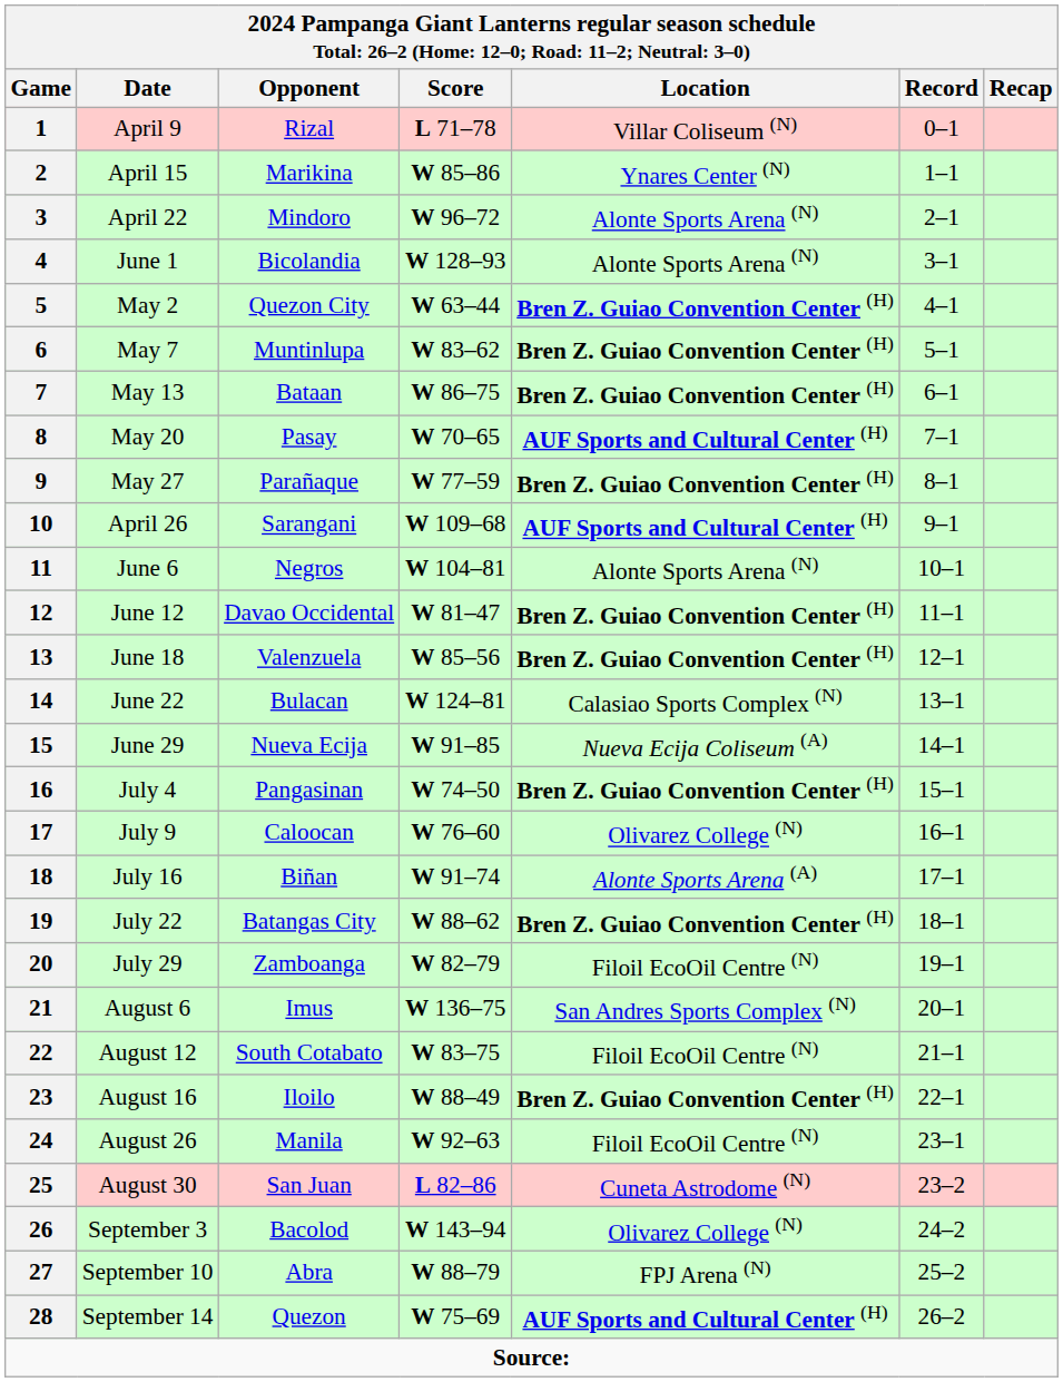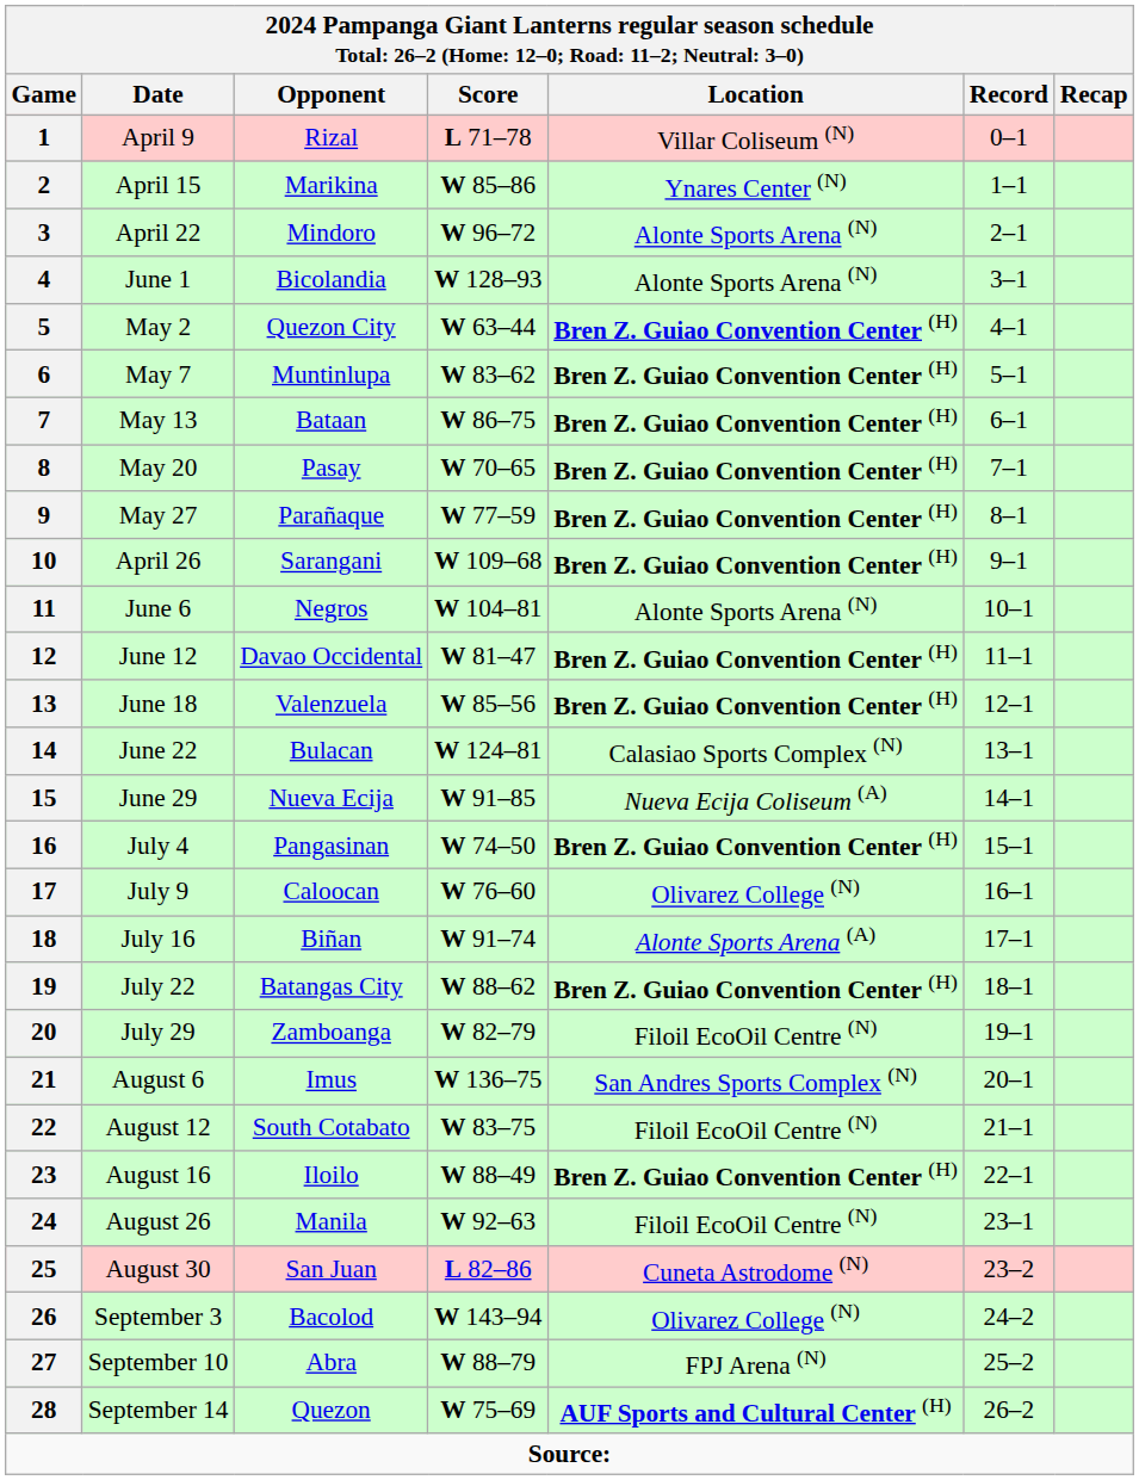 <table class="wikitable" style="text-align:center">
 <tr>
 <th colspan=7>2024 Pampanga Giant Lanterns regular season schedule <br> <small> Total: 26–2 (Home: 12–0; Road: 11–2; Neutral: 3–0) </small></th>
 </tr>
 <tr>
 <th>Game</th>
 <th>Date</th>
 <th>Opponent</th>
 <th>Score</th>
 <th>Location</th>
 <th>Record</th>
 <th>Recap<br></th>
 </tr>
 <tr style="background:#fcc">
 <th>1</th>
 <td>April 9</td>
 <td><a href='#'>Rizal</a></td>
 <td><strong>L</strong> 71–78</td>
 <td>Villar Coliseum <sup>(N)</sup></td>
 <td>0–1</td>
 <td></td>
 </tr>
 <tr style="background:#cfc">
 <th>2</th>
 <td>April 15</td>
 <td><a href='#'>Marikina</a></td>
 <td><strong>W</strong> 85–86</td>
 <td><a href='#'>Ynares Center</a> <sup>(N)</sup></td>
 <td>1–1</td>
 <td></td>
 </tr>
 <tr style="background:#cfc">
 <th>3</th>
 <td>April 22</td>
 <td><a href='#'>Mindoro</a></td>
 <td><strong>W</strong> 96–72</td>
 <td><a href='#'>Alonte Sports Arena</a> <sup>(N)</sup></td>
 <td>2–1</td>
 <td></td>
 </tr>
 <tr style="background:#cfc">
 <th>4</th>
 <td>June 1</td>
 <td><a href='#'>Bicolandia</a></td>
 <td><strong>W</strong> 128–93</td>
 <td>Alonte Sports Arena <sup>(N)</sup></td>
 <td>3–1</td>
 <td></td>
 </tr>
 <tr style="background:#cfc">
 <th>5</th>
 <td>May 2</td>
 <td><a href='#'>Quezon City</a></td>
 <td><strong>W</strong> 63–44</td>
 <td><strong><a href='#'>Bren Z. Guiao Convention Center</a></strong> <sup>(H)</sup></td>
 <td>4–1</td>
 <td></td>
 </tr>
 <tr style="background:#cfc">
 <th>6</th>
 <td>May 7</td>
 <td><a href='#'>Muntinlupa</a></td>
 <td><strong>W</strong> 83–62</td>
 <td><strong>Bren Z. Guiao Convention Center</strong> <sup>(H)</sup></td>
 <td>5–1</td>
 <td></td>
 </tr>
 <tr style="background:#cfc">
 <th>7</th>
 <td>May 13</td>
 <td><a href='#'>Bataan</a></td>
 <td><strong>W</strong> 86–75</td>
 <td><strong>Bren Z. Guiao Convention Center</strong> <sup>(H)</sup></td>
 <td>6–1</td>
 <td></td>
 </tr>
 <tr style="background:#cfc">
 <th>8</th>
 <td>May 20</td>
 <td><a href='#'>Pasay</a></td>
 <td><strong>W</strong> 70–65</td>
-<td><strong><a href='#'>AUF Sports and Cultural Center</a></strong> <sup>(H)</sup></td>
+<td><strong>Bren Z. Guiao Convention Center</strong> <sup>(H)</sup></td>
 <td>7–1</td>
 <td></td>
 </tr>
 <tr style="background:#cfc">
 <th>9</th>
 <td>May 27</td>
 <td><a href='#'>Parañaque</a></td>
 <td><strong>W</strong> 77–59</td>
 <td><strong>Bren Z. Guiao Convention Center</strong> <sup>(H)</sup></td>
 <td>8–1</td>
 <td><br></td>
 </tr>
 <tr style="background:#cfc">
 <th>10</th>
 <td>April 26</td>
 <td><a href='#'>Sarangani</a></td>
 <td><strong>W</strong> 109–68</td>
-<td><strong><a href='#'>AUF Sports and Cultural Center</a></strong> <sup>(H)</sup></td>
+<td><strong>Bren Z. Guiao Convention Center</strong> <sup>(H)</sup></td>
 <td>9–1</td>
 <td></td>
 </tr>
 <tr style="background:#cfc">
 <th>11</th>
 <td>June 6</td>
 <td><a href='#'>Negros</a></td>
 <td><strong>W</strong> 104–81</td>
 <td>Alonte Sports Arena <sup>(N)</sup></td>
 <td>10–1</td>
 <td></td>
 </tr>
 <tr style="background:#cfc">
 <th>12</th>
 <td>June 12</td>
 <td><a href='#'>Davao Occidental</a></td>
 <td><strong>W</strong> 81–47</td>
 <td><strong>Bren Z. Guiao Convention Center</strong> <sup>(H)</sup></td>
 <td>11–1</td>
 <td></td>
 </tr>
 <tr style="background:#cfc">
 <th>13</th>
 <td>June 18</td>
 <td><a href='#'>Valenzuela</a></td>
 <td><strong>W</strong> 85–56</td>
 <td><strong>Bren Z. Guiao Convention Center</strong> <sup>(H)</sup></td>
 <td>12–1</td>
 <td></td>
 </tr>
 <tr style="background:#cfc">
 <th>14</th>
 <td>June 22</td>
 <td><a href='#'>Bulacan</a></td>
 <td><strong>W</strong> 124–81</td>
 <td>Calasiao Sports Complex <sup>(N)</sup></td>
 <td>13–1</td>
 <td></td>
 </tr>
 <tr style="background:#cfc">
 <th>15</th>
 <td>June 29</td>
 <td><a href='#'>Nueva Ecija</a></td>
 <td><strong>W</strong> 91–85</td>
 <td><em>Nueva Ecija Coliseum</em> <sup>(A)</sup></td>
 <td>14–1</td>
 <td></td>
 </tr>
 <tr style="background:#cfc">
 <th>16</th>
 <td>July 4</td>
 <td><a href='#'>Pangasinan</a></td>
 <td><strong>W</strong> 74–50</td>
 <td><strong>Bren Z. Guiao Convention Center</strong> <sup>(H)</sup></td>
 <td>15–1</td>
 <td></td>
 </tr>
 <tr style="background:#cfc">
 <th>17</th>
 <td>July 9</td>
 <td><a href='#'>Caloocan</a></td>
 <td><strong>W</strong> 76–60</td>
 <td><a href='#'>Olivarez College</a> <sup>(N)</sup></td>
 <td>16–1</td>
 <td></td>
 </tr>
 <tr style="background:#cfc">
 <th>18</th>
 <td>July 16</td>
 <td><a href='#'>Biñan</a></td>
 <td><strong>W</strong> 91–74</td>
 <td><em><a href='#'>Alonte Sports Arena</a></em> <sup>(A)</sup></td>
 <td>17–1</td>
 <td></td>
 </tr>
 <tr style="background:#cfc">
 <th>19</th>
 <td>July 22</td>
 <td><a href='#'>Batangas City</a></td>
 <td><strong>W</strong> 88–62</td>
 <td><strong>Bren Z. Guiao Convention Center</strong> <sup>(H)</sup></td>
 <td>18–1</td>
 <td></td>
 </tr>
 <tr style="background:#cfc">
 <th>20</th>
 <td>July 29</td>
 <td><a href='#'>Zamboanga</a></td>
 <td><strong>W</strong> 82–79</td>
 <td>Filoil EcoOil Centre <sup>(N)</sup></td>
 <td>19–1</td>
 <td><br></td>
 </tr>
 <tr style="background:#cfc">
 <th>21</th>
 <td>August 6</td>
 <td><a href='#'>Imus</a></td>
 <td><strong>W</strong> 136–75</td>
 <td><a href='#'>San Andres Sports Complex</a> <sup>(N)</sup></td>
 <td>20–1</td>
 <td></td>
 </tr>
 <tr style="background:#cfc">
 <th>22</th>
 <td>August 12</td>
 <td><a href='#'>South Cotabato</a></td>
 <td><strong>W</strong> 83–75</td>
 <td>Filoil EcoOil Centre <sup>(N)</sup></td>
 <td>21–1</td>
 <td></td>
 </tr>
 <tr style="background:#cfc">
 <th>23</th>
 <td>August 16</td>
 <td><a href='#'>Iloilo</a></td>
 <td><strong>W</strong> 88–49</td>
 <td><strong>Bren Z. Guiao Convention Center</strong> <sup>(H)</sup></td>
 <td>22–1</td>
 <td></td>
 </tr>
 <tr style="background:#cfc">
 <th>24</th>
 <td>August 26</td>
 <td><a href='#'>Manila</a></td>
 <td><strong>W</strong> 92–63</td>
 <td>Filoil EcoOil Centre <sup>(N)</sup></td>
 <td>23–1</td>
 <td></td>
 </tr>
 <tr style="background:#fcc">
 <th>25</th>
 <td>August 30</td>
 <td><a href='#'>San Juan</a></td>
 <td><a href='#'><strong>L</strong> 82–86</a></td>
 <td><a href='#'>Cuneta Astrodome</a> <sup>(N)</sup></td>
 <td>23–2</td>
 <td></td>
 </tr>
 <tr style="background:#cfc">
 <th>26</th>
 <td>September 3</td>
 <td><a href='#'>Bacolod</a></td>
 <td><strong>W</strong> 143–94</td>
 <td><a href='#'>Olivarez College</a> <sup>(N)</sup></td>
 <td>24–2</td>
 <td></td>
 </tr>
 <tr style="background:#cfc">
 <th>27</th>
 <td>September 10</td>
 <td><a href='#'>Abra</a></td>
 <td><strong>W</strong> 88–79</td>
 <td>FPJ Arena <sup>(N)</sup></td>
 <td>25–2</td>
 <td></td>
 </tr>
 <tr style="background:#cfc">
 <th>28</th>
 <td>September 14</td>
 <td><a href='#'>Quezon</a></td>
 <td><strong>W</strong> 75–69</td>
 <td><strong><a href='#'>AUF Sports and Cultural Center</a></strong> <sup>(H)</sup></td>
 <td>26–2</td>
 <td></td>
 </tr>
 <tr>
 <td colspan=7 align=center><strong>Source: </strong></td>
 </tr>
 </table>
